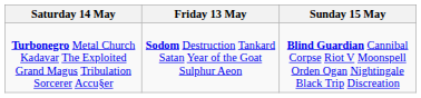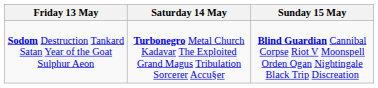 <table class="wikitable">
 <tr>
+<th>Friday 13 May</th>
 <th>Saturday 14 May</th>
-<th>Friday 13 May</th>
 <th>Sunday 15 May</th>
 </tr>
 <tr>
+<td valign="top" align="center" width=185><br><strong><a href='#'>Sodom</a></strong> <a href='#'>Destruction</a> <a href='#'>Tankard</a> <a href='#'>Satan</a> <a href='#'>Year of the Goat</a> <a href='#'>Sulphur Aeon</a></td>
 <td valign="top" align="center" width=185><br><strong><a href='#'>Turbonegro</a></strong> <a href='#'>Metal Church</a> <a href='#'>Kadavar</a> <a href='#'>The Exploited</a> <a href='#'>Grand Magus</a> <a href='#'>Tribulation</a> <a href='#'>Sorcerer</a> <a href='#'>Accu§er</a></td>
-<td valign="top" align="center" width=185><br><strong><a href='#'>Sodom</a></strong> <a href='#'>Destruction</a> <a href='#'>Tankard</a> <a href='#'>Satan</a> <a href='#'>Year of the Goat</a> <a href='#'>Sulphur Aeon</a></td>
 <td valign="top" align="center" width=185><br><strong><a href='#'>Blind Guardian</a></strong> <a href='#'>Cannibal Corpse</a> <a href='#'>Riot V</a> <a href='#'>Moonspell</a> <a href='#'>Orden Ogan</a> <a href='#'>Nightingale</a> <a href='#'>Black Trip</a> <a href='#'>Discreation</a></td>
 </tr>
 </table>
